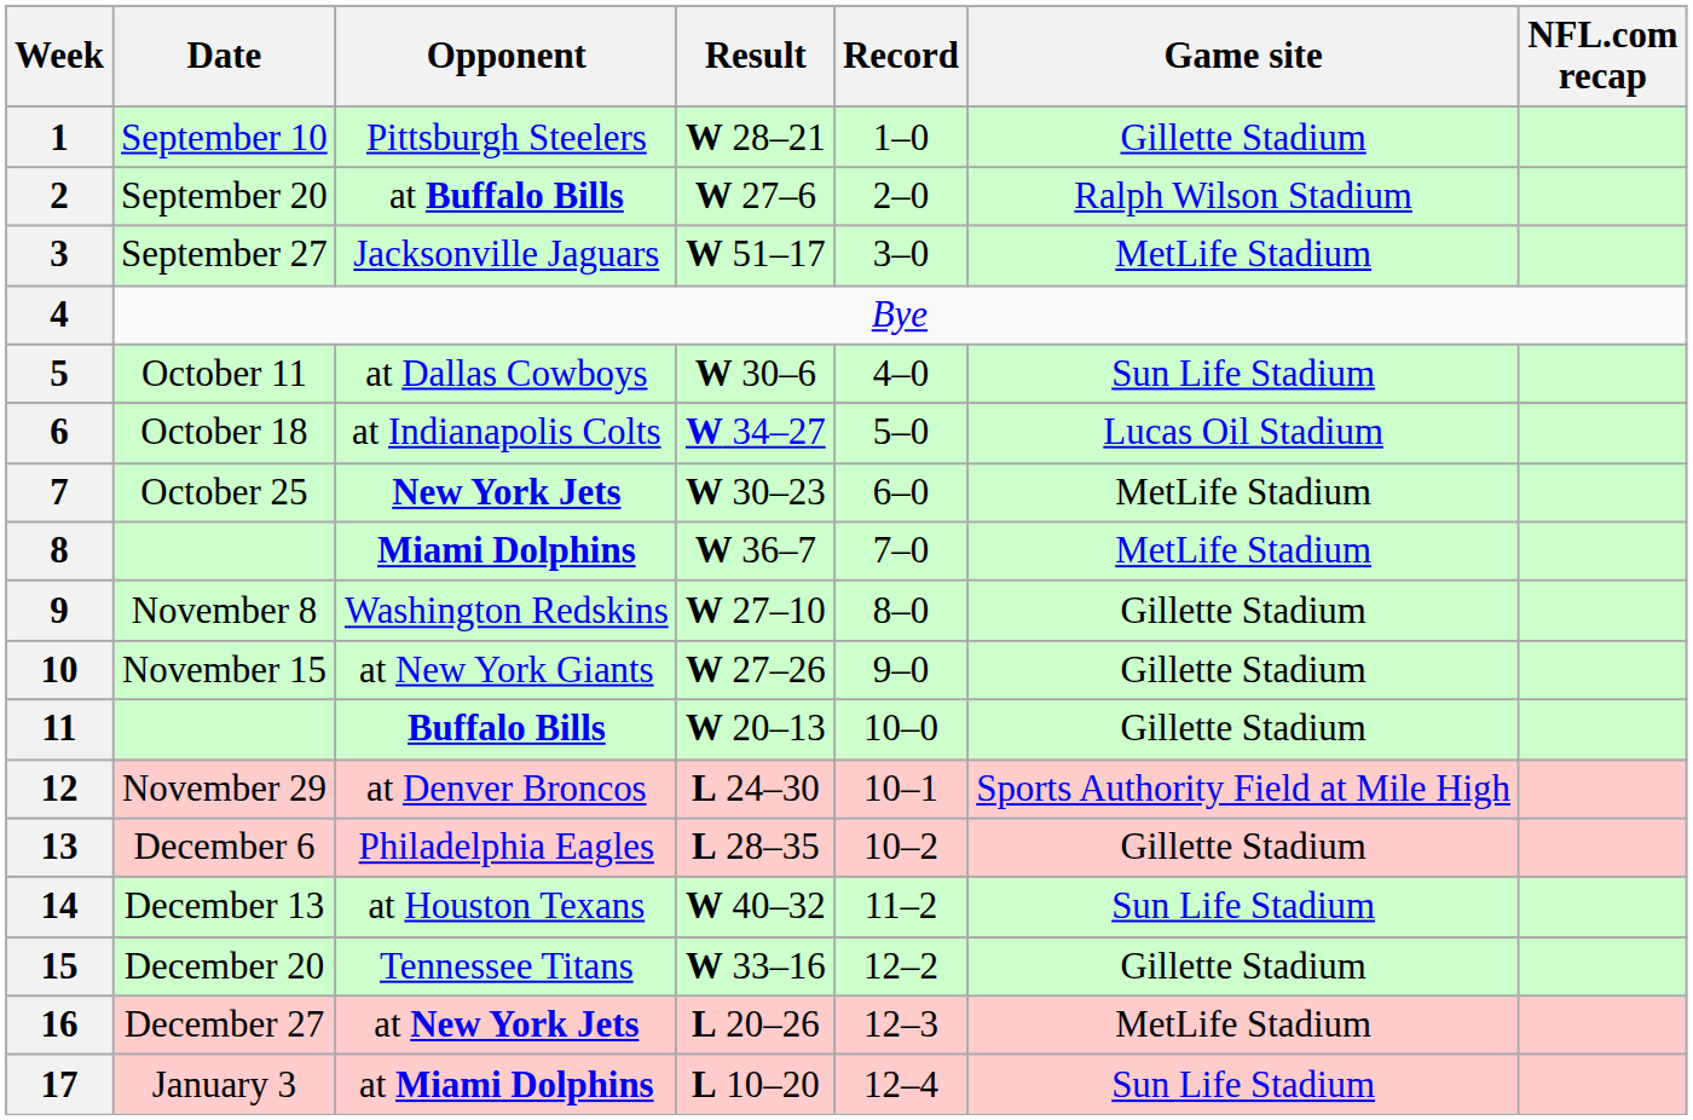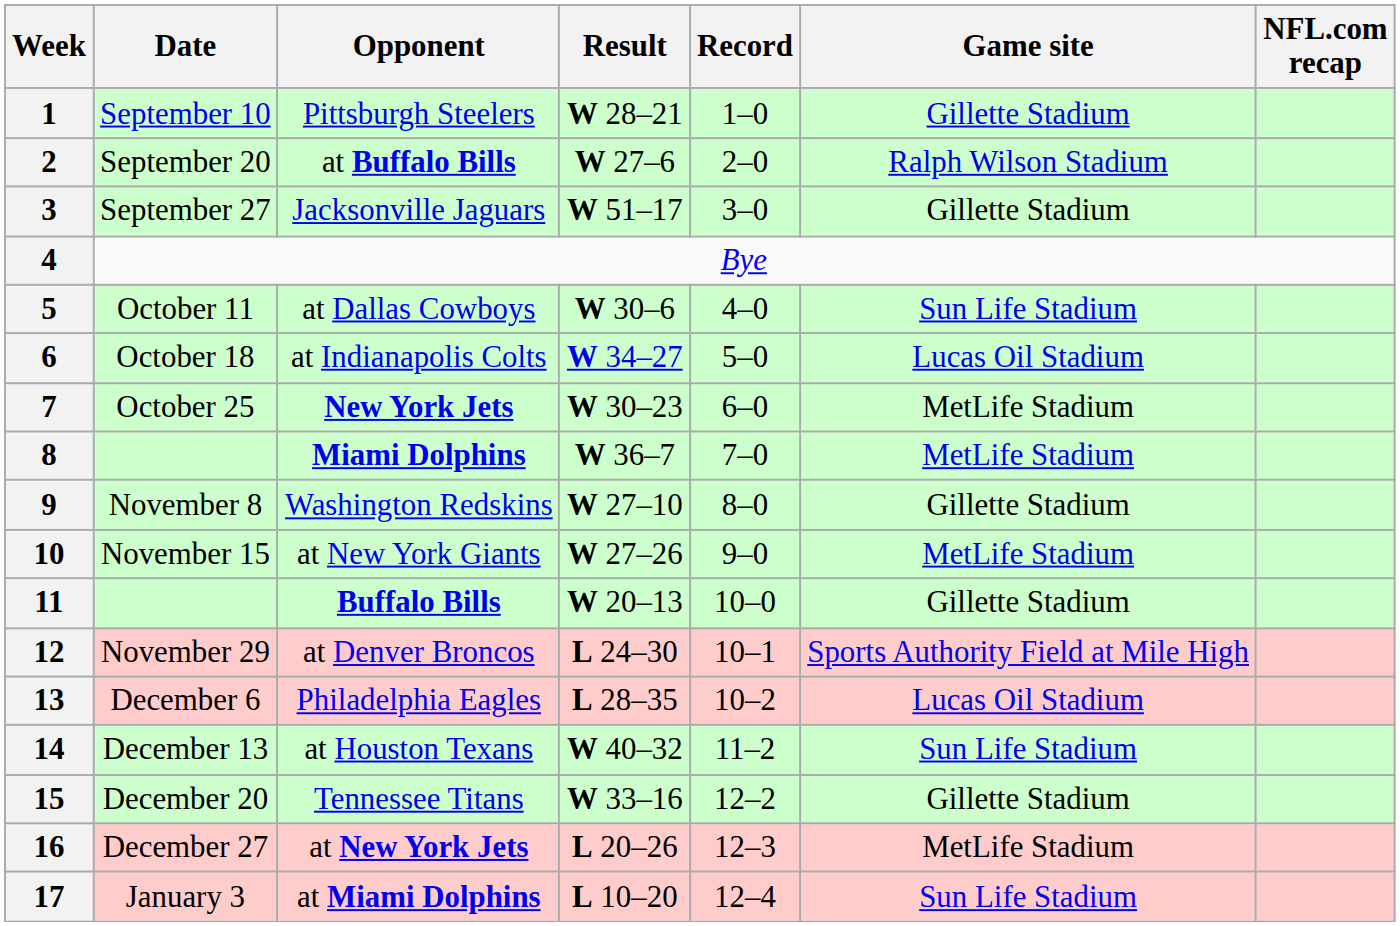 <table class="wikitable" style="text-align:center">
 <tr>
 <th>Week</th>
 <th>Date</th>
 <th>Opponent</th>
 <th>Result</th>
 <th>Record</th>
 <th>Game site</th>
 <th>NFL.com<br>recap</th>
 </tr>
 <tr style="background:#cfc">
 <th>1</th>
 <td><a href='#'>September 10</a></td>
 <td><a href='#'>Pittsburgh Steelers</a></td>
 <td><strong>W</strong> 28–21</td>
 <td>1–0</td>
 <td><a href='#'>Gillette Stadium</a></td>
 <td></td>
 </tr>
 <tr style="background:#cfc">
 <th>2</th>
 <td>September 20</td>
 <td>at <strong><a href='#'>Buffalo Bills</a></strong></td>
 <td><strong>W</strong> 27–6</td>
 <td>2–0</td>
 <td><a href='#'>Ralph Wilson Stadium</a></td>
 <td></td>
 </tr>
 <tr style="background:#cfc">
 <th>3</th>
 <td>September 27</td>
 <td><a href='#'>Jacksonville Jaguars</a></td>
 <td><strong>W</strong> 51–17</td>
 <td>3–0</td>
-<td><a href='#'>MetLife Stadium</a></td>
+<td>Gillette Stadium</td>
 <td></td>
 </tr>
 <tr style="background:#">
 <th>4</th>
 <td colspan=8><em><a href='#'>Bye</a></em></td>
 </tr>
 <tr style="background:#cfc">
 <th>5</th>
 <td>October 11</td>
 <td>at <a href='#'>Dallas Cowboys</a></td>
 <td><strong>W</strong> 30–6</td>
 <td>4–0</td>
 <td><a href='#'>Sun Life Stadium</a></td>
 <td></td>
 </tr>
 <tr style="background:#cfc">
 <th>6</th>
 <td>October 18</td>
 <td>at <a href='#'>Indianapolis Colts</a></td>
 <td><a href='#'><strong>W</strong> 34–27</a></td>
 <td>5–0</td>
 <td><a href='#'>Lucas Oil Stadium</a></td>
 <td></td>
 </tr>
 <tr style="background:#cfc">
 <th>7</th>
 <td>October 25</td>
 <td><strong><a href='#'>New York Jets</a></strong></td>
 <td><strong>W</strong> 30–23</td>
 <td>6–0</td>
 <td>MetLife Stadium</td>
 <td></td>
 </tr>
 <tr style="background:#cfc">
 <th>8</th>
 <td></td>
 <td><strong><a href='#'>Miami Dolphins</a></strong></td>
 <td><strong>W</strong> 36–7</td>
 <td>7–0</td>
 <td><a href='#'>MetLife Stadium</a></td>
 <td></td>
 </tr>
 <tr style="background:#cfc">
 <th>9</th>
 <td>November 8</td>
 <td><a href='#'>Washington Redskins</a></td>
 <td><strong>W</strong> 27–10</td>
 <td>8–0</td>
 <td>Gillette Stadium</td>
 <td></td>
 </tr>
 <tr style="background:#cfc">
 <th>10</th>
 <td>November 15</td>
 <td>at <a href='#'>New York Giants</a></td>
 <td><strong>W</strong> 27–26</td>
 <td>9–0</td>
-<td>Gillette Stadium</td>
+<td><a href='#'>MetLife Stadium</a></td>
 <td></td>
 </tr>
 <tr style="background:#cfc">
 <th>11</th>
 <td></td>
 <td><strong><a href='#'>Buffalo Bills</a></strong></td>
 <td><strong>W</strong> 20–13</td>
 <td>10–0</td>
 <td>Gillette Stadium</td>
 <td></td>
 </tr>
 <tr style="background:#fcc">
 <th>12</th>
 <td>November 29</td>
 <td>at <a href='#'>Denver Broncos</a></td>
 <td><strong>L</strong> 24–30 </td>
 <td>10–1</td>
 <td><a href='#'>Sports Authority Field at Mile High</a></td>
 <td></td>
 </tr>
 <tr style="background:#fcc">
 <th>13</th>
 <td>December 6</td>
 <td><a href='#'>Philadelphia Eagles</a></td>
 <td><strong>L</strong> 28–35</td>
 <td>10–2</td>
-<td>Gillette Stadium</td>
+<td><a href='#'>Lucas Oil Stadium</a></td>
 <td></td>
 </tr>
 <tr style="background:#cfc">
 <th>14</th>
 <td>December 13</td>
 <td>at <a href='#'>Houston Texans</a></td>
 <td><strong>W</strong> 40–32</td>
 <td>11–2</td>
 <td><a href='#'>Sun Life Stadium</a></td>
 <td></td>
 </tr>
 <tr style="background:#cfc">
 <th>15</th>
 <td>December 20</td>
 <td><a href='#'>Tennessee Titans</a></td>
 <td><strong>W</strong> 33–16</td>
 <td>12–2</td>
 <td>Gillette Stadium</td>
 <td></td>
 </tr>
 <tr style="background:#fcc">
 <th>16</th>
 <td>December 27</td>
 <td>at <strong><a href='#'>New York Jets</a></strong></td>
 <td><strong>L</strong> 20–26 </td>
 <td>12–3</td>
 <td>MetLife Stadium</td>
 <td></td>
 </tr>
 <tr style="background:#fcc">
 <th>17</th>
 <td>January 3</td>
 <td>at <strong><a href='#'>Miami Dolphins</a></strong></td>
 <td><strong>L</strong> 10–20</td>
 <td>12–4</td>
 <td><a href='#'>Sun Life Stadium</a></td>
 <td></td>
 </tr>
 </table>
